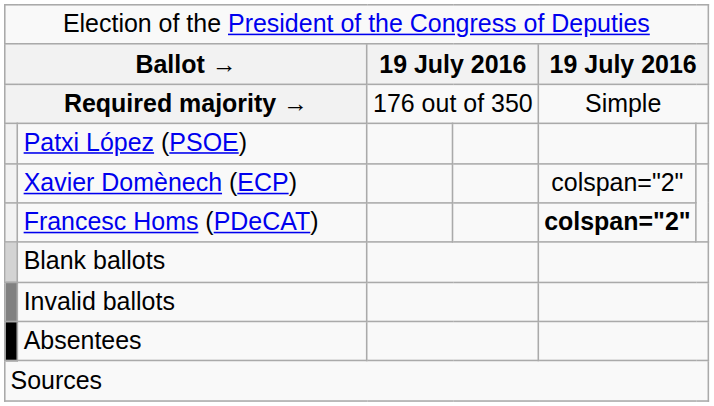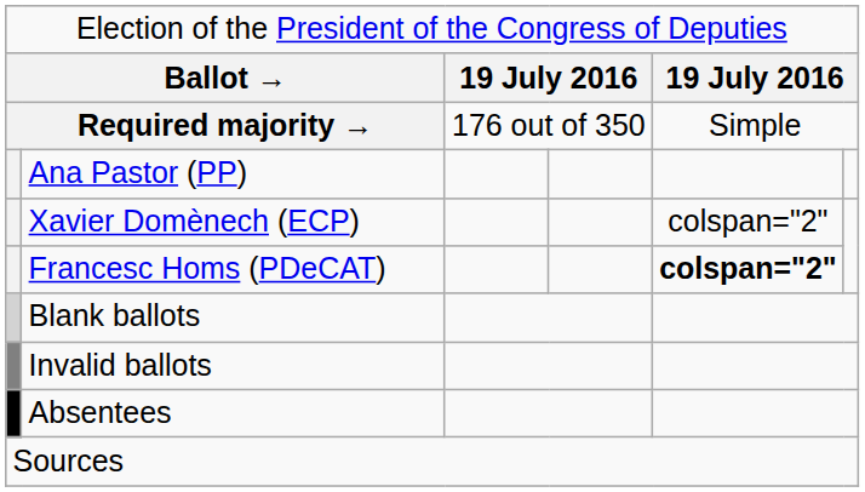 <table class="wikitable" style="text-align:center;">
 <tr>
 <td colspan="6" align="center">Election of the <a href='#'>President of the Congress of Deputies</a></td>
 </tr>
 <tr>
 <th colspan="2" width="225px">Ballot →</th>
 <th colspan="2">19 July 2016</th>
 <th colspan="2">19 July 2016</th>
 </tr>
 <tr>
 <th colspan="2">Required majority →</th>
 <td colspan="2">176 out of 350</td>
 <td colspan="2">Simple</td>
 </tr>
 <tr>
-<th style="background:"></th>
-<td align="left"><a href='#'>Patxi López</a> (<a href='#'>PSOE</a>)</td>
+<th width="1px" style="background:"></th>
+<td align="left"><a href='#'>Ana Pastor</a> (<a href='#'>PP</a>)</td>
 <td></td>
 <td></td>
 <td></td>
 <td></td>
 </tr>
 <tr>
 <th style="background:"></th>
 <td align="left"><a href='#'>Xavier Domènech</a> (<a href='#'>ECP</a>)</td>
 <td></td>
 <td></td>
 <td>colspan="2" </td>
 </tr>
 <tr>
 <th style="background:"></th>
 <td align="left"><a href='#'>Francesc Homs</a> (<a href='#'>PDeCAT</a>)</td>
 <td></td>
 <td></td>
 <td><strong>colspan="2" </strong></td>
 </tr>
 <tr>
 <th style="background:lightgray;"></th>
 <td align="left">Blank ballots</td>
 <td colspan="2"></td>
 <td colspan="2"></td>
 </tr>
 <tr>
 <th style="background:gray;"></th>
 <td align="left">Invalid ballots</td>
 <td colspan="2"></td>
 <td colspan="2"></td>
 </tr>
 <tr>
 <th style="background:black;"></th>
 <td align="left">Absentees</td>
 <td colspan="2"></td>
 <td colspan="2"></td>
 </tr>
 <tr>
 <td align="left" colspan="6">Sources</td>
 </tr>
 </table>
